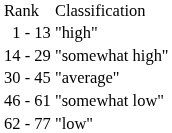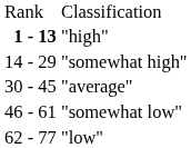 <table clas="wikitable" ---valign=top>
 <tr>
 <td>Rank</td>
 <td>Classification</td>
 </tr>
 <tr>
-<td>  1 - 13</td>
+<td><strong>  1 - 13</strong></td>
 <td>"high"</td>
 </tr>
 <tr>
 <td>14 - 29</td>
 <td>"somewhat high"</td>
 </tr>
 <tr>
 <td>30 - 45</td>
 <td>"average"</td>
 </tr>
 <tr>
 <td>46 - 61</td>
 <td>"somewhat low"</td>
 </tr>
 <tr>
 <td>62 - 77</td>
 <td>"low"</td>
 </tr>
 </table>
